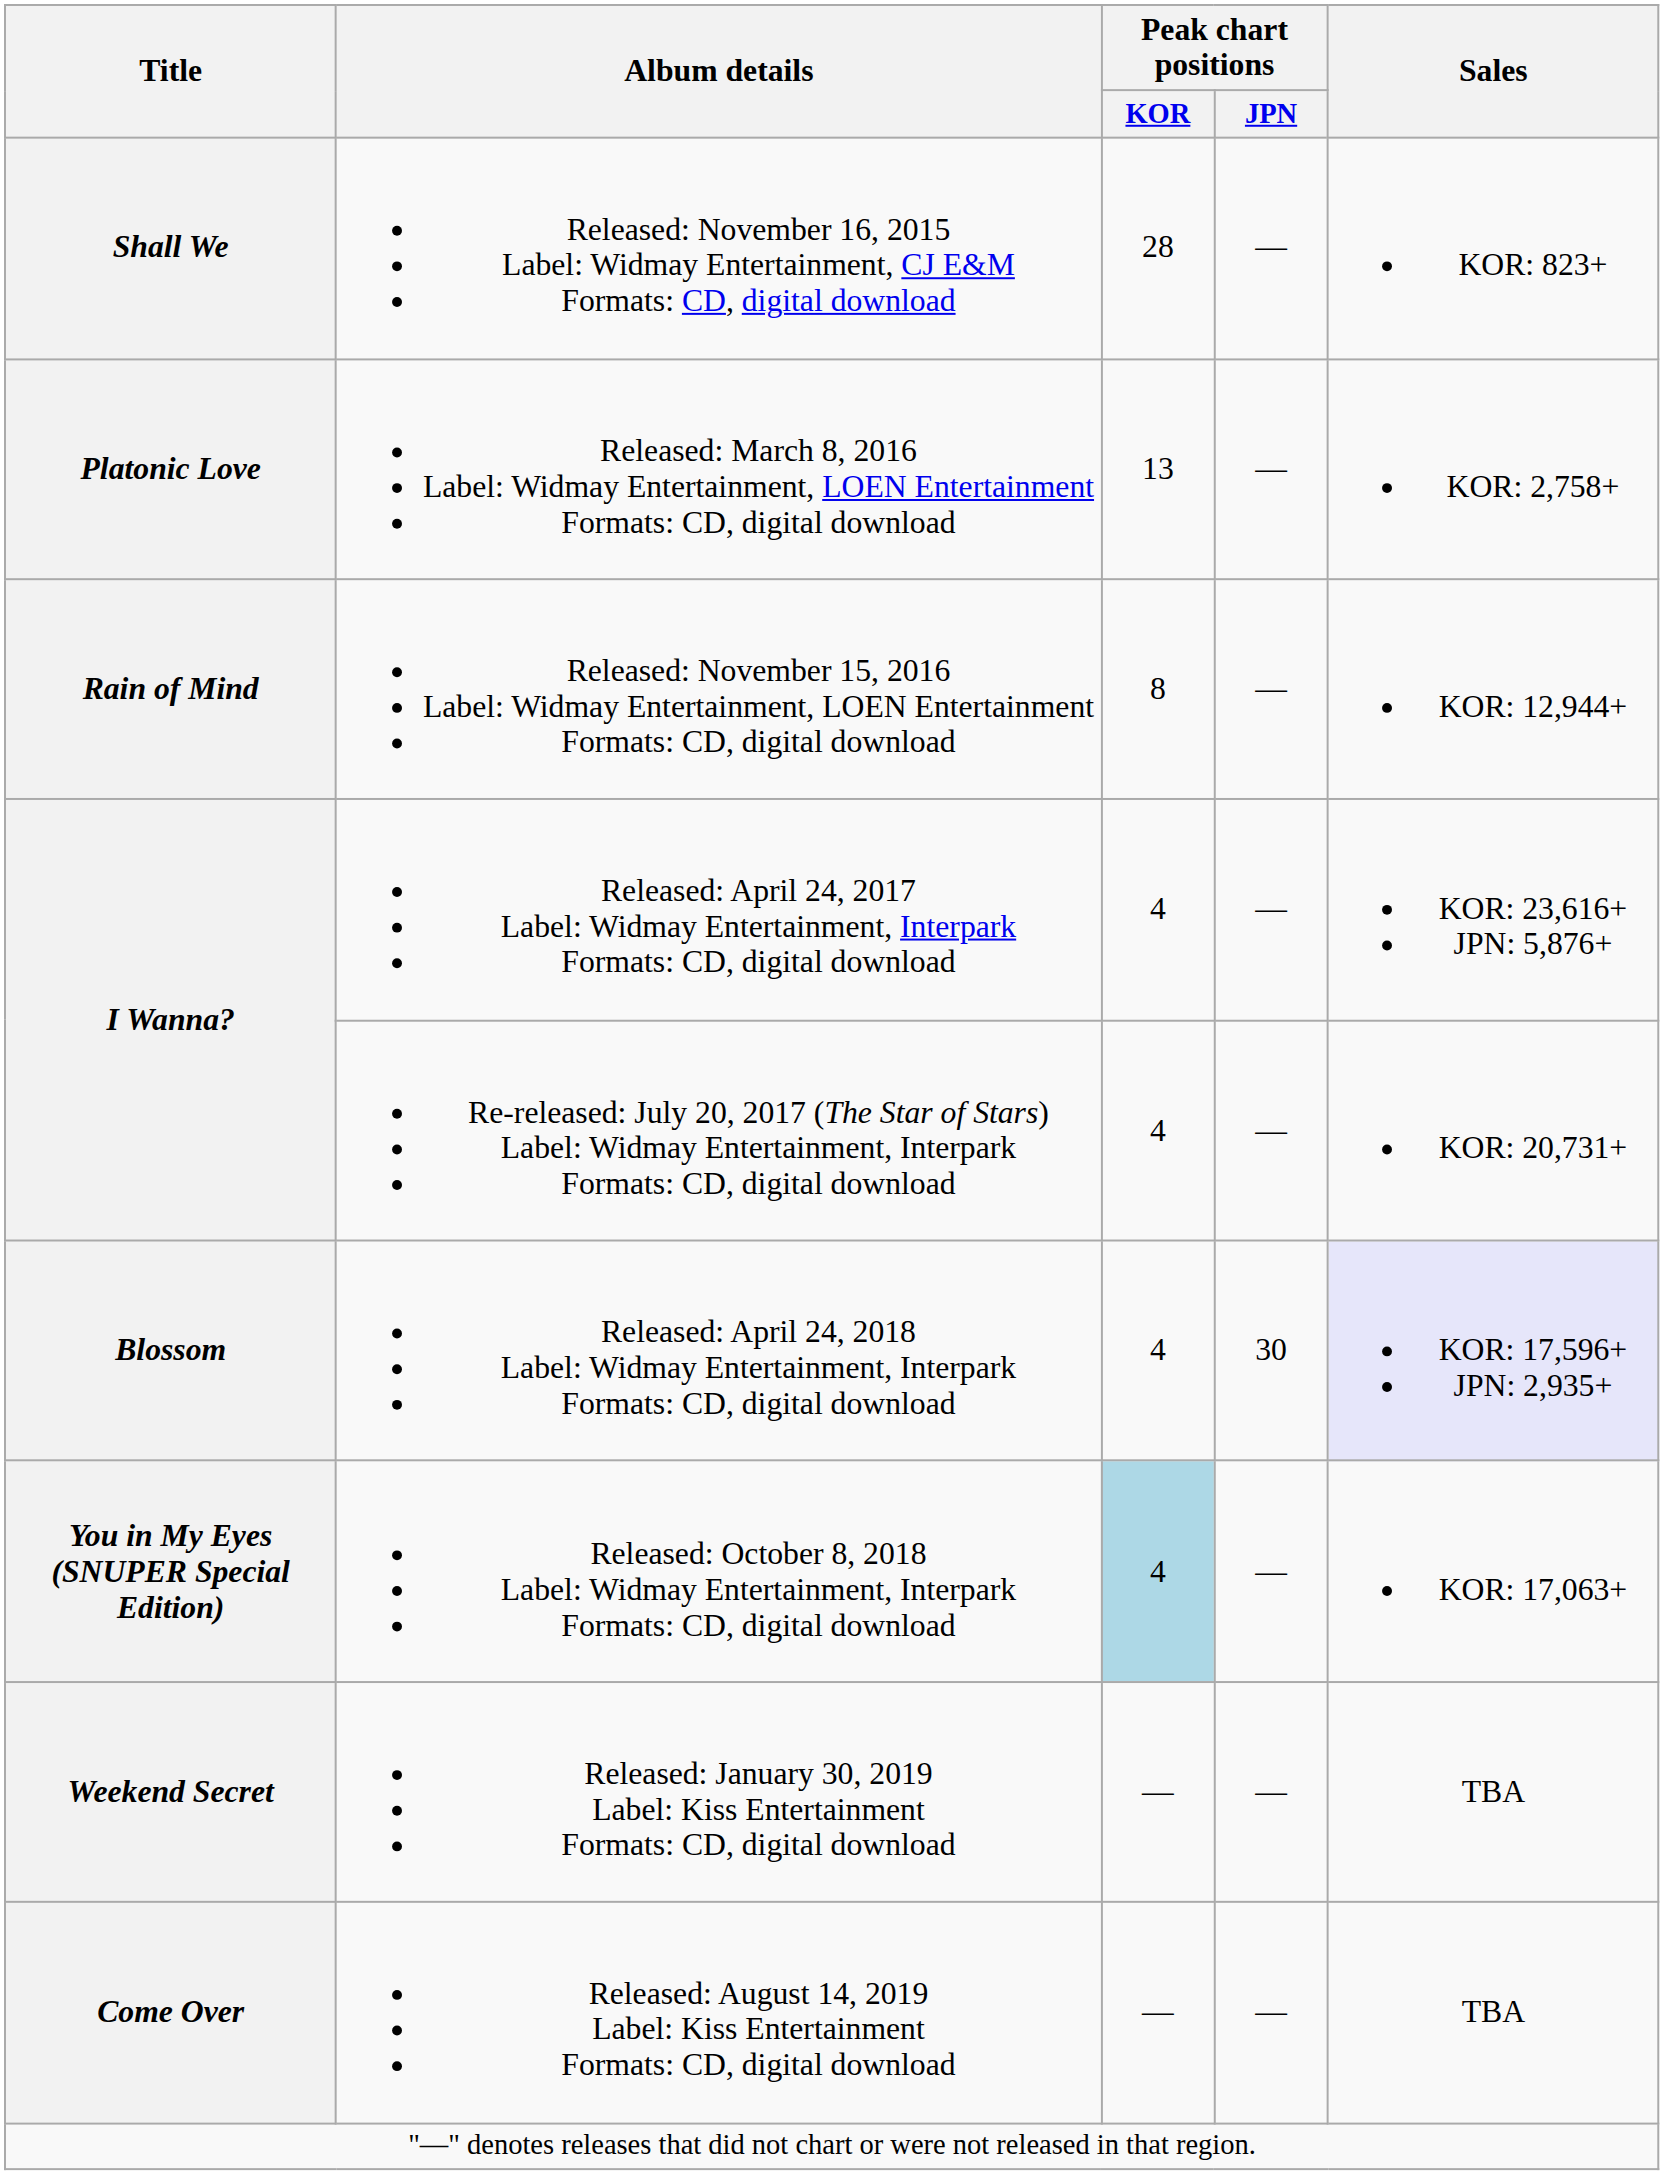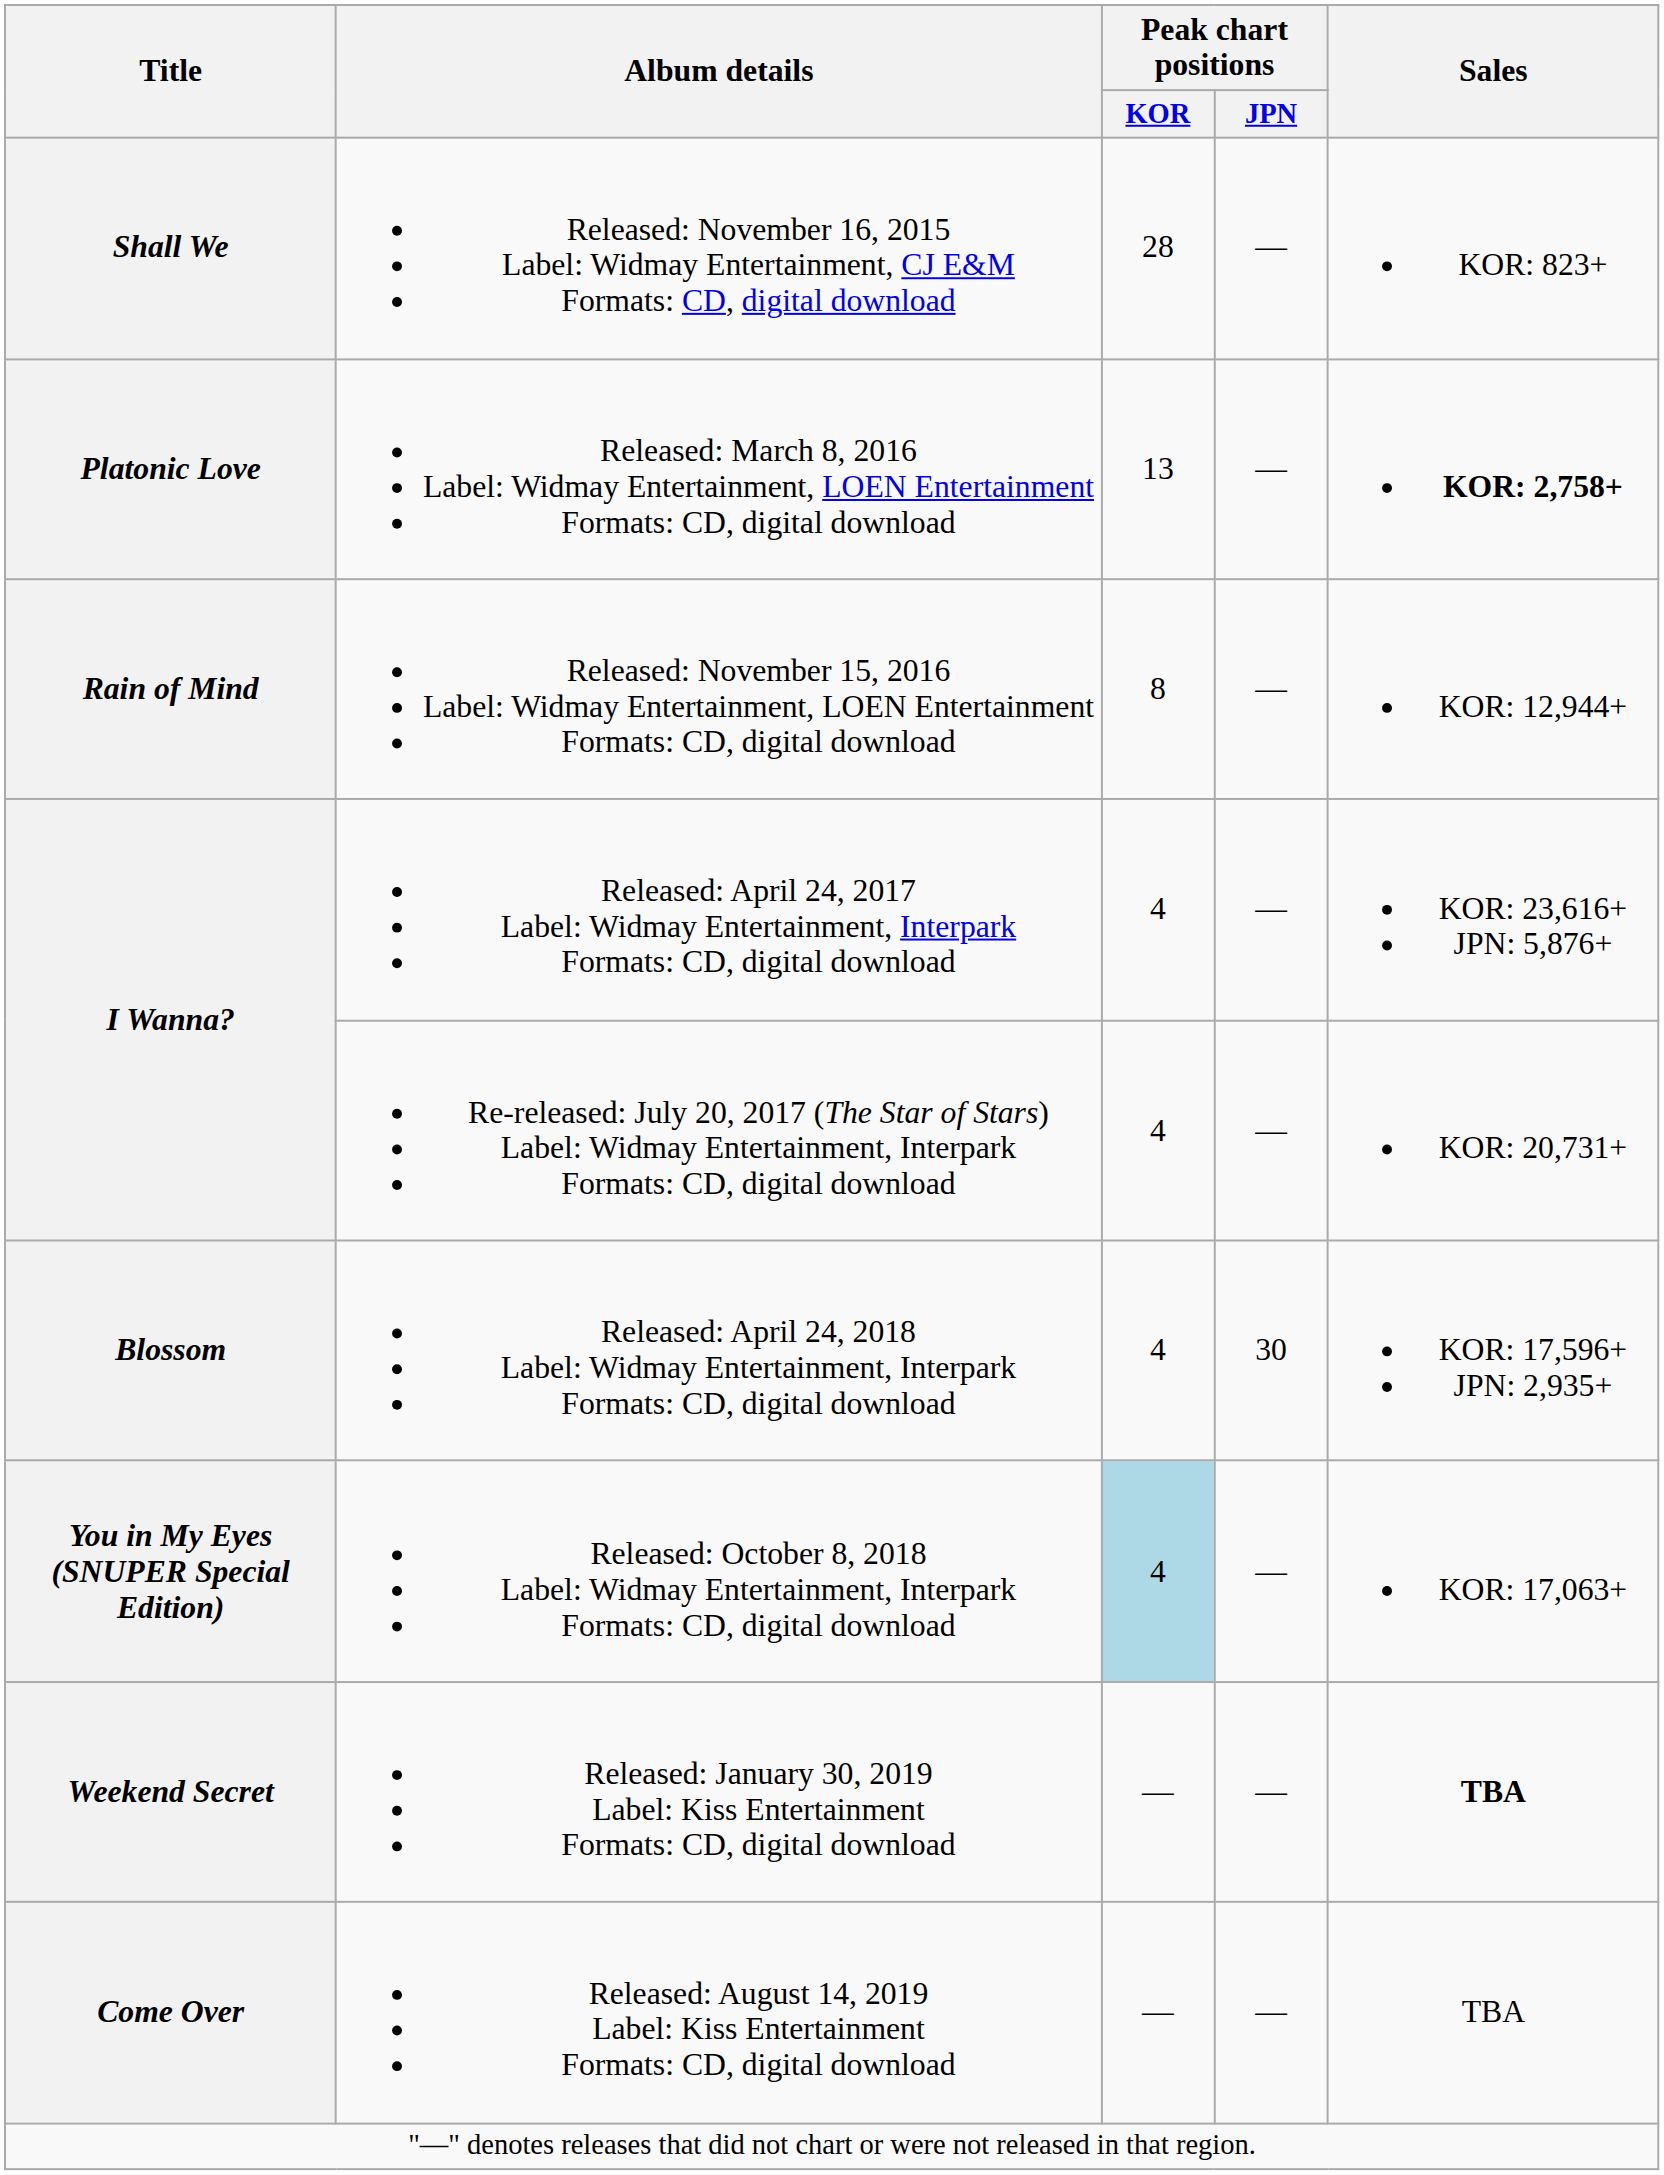 <table class="wikitable plainrowheaders" style="text-align:center;">
 <tr>
 <th scope="col" rowspan="2" style="width:10em;">Title</th>
 <th scope="col" rowspan="2">Album details</th>
 <th scope="col" colspan="2">Peak chart positions</th>
 <th scope="col" rowspan="2" style="width:10em;">Sales</th>
 </tr>
 <tr>
 <th scope="col" style="width:3.5em;font-size:90%;"><a href='#'>KOR</a><br></th>
 <th scope="col" style="width:3.5em;font-size:90%;"><a href='#'>JPN</a><br></th>
 </tr>
 <tr>
 <th scope="row"><em>Shall We</em></th>
 <td><br><ul><li>Released: November 16, 2015</li><li>Label: Widmay Entertainment, <a href='#'>CJ E&M</a></li><li>Formats: <a href='#'>CD</a>, <a href='#'>digital download</a></li></ul></td>
 <td>28</td>
 <td>—</td>
 <td><br><ul><li>KOR: 823+</li></ul></td>
 </tr>
 <tr>
 <th scope="row"><em>Platonic Love</em></th>
 <td><br><ul><li>Released: March 8, 2016</li><li>Label: Widmay Entertainment, <a href='#'>LOEN Entertainment</a></li><li>Formats: CD, digital download</li></ul></td>
 <td>13</td>
 <td>—</td>
-<td><br><ul><li>KOR: 2,758+</li></ul></td>
+<td><strong><br><ul><li>KOR: 2,758+</li></ul></strong></td>
 </tr>
 <tr>
 <th scope="row"><em>Rain of Mind</em></th>
 <td><br><ul><li>Released: November 15, 2016</li><li>Label: Widmay Entertainment, LOEN Entertainment</li><li>Formats: CD, digital download</li></ul></td>
 <td>8</td>
 <td>—</td>
 <td><br><ul><li>KOR: 12,944+</li></ul></td>
 </tr>
 <tr>
 <th scope="row" rowspan="2"><em>I Wanna?</em></th>
 <td><br><ul><li>Released: April 24, 2017</li><li>Label: Widmay Entertainment, <a href='#'>Interpark</a></li><li>Formats: CD, digital download</li></ul></td>
 <td>4</td>
 <td>—</td>
 <td><br><ul><li>KOR: 23,616+</li><li>JPN: 5,876+</li></ul></td>
 </tr>
 <tr>
 <td><br><ul><li>Re-released: July 20, 2017 (<em>The Star of Stars</em>)</li><li>Label: Widmay Entertainment, Interpark</li><li>Formats: CD, digital download</li></ul></td>
 <td>4</td>
 <td>—</td>
 <td><br><ul><li>KOR: 20,731+</li></ul></td>
 </tr>
 <tr>
 <th scope="row"><em>Blossom</em></th>
 <td><br><ul><li>Released: April 24, 2018</li><li>Label: Widmay Entertainment, Interpark</li><li>Formats: CD, digital download</li></ul></td>
 <td>4</td>
 <td>30</td>
-<td style="background: lavender;"><br><ul><li>KOR: 17,596+</li><li>JPN: 2,935+</li></ul></td>
+<td><br><ul><li>KOR: 17,596+</li><li>JPN: 2,935+</li></ul></td>
 </tr>
 <tr>
 <th scope="row"><em>You in My Eyes (SNUPER Special Edition)</em></th>
 <td><br><ul><li>Released: October 8, 2018</li><li>Label: Widmay Entertainment, Interpark</li><li>Formats: CD, digital download</li></ul></td>
 <td style="background: lightblue;">4</td>
 <td>—</td>
 <td><br><ul><li>KOR: 17,063+</li></ul></td>
 </tr>
 <tr>
 <th scope="row"><em>Weekend Secret</em></th>
 <td><br><ul><li>Released: January 30, 2019</li><li>Label: Kiss Entertainment</li><li>Formats: CD, digital download</li></ul></td>
 <td>—</td>
 <td>—</td>
-<td>TBA</td>
+<td><strong>TBA</strong></td>
 </tr>
 <tr>
 <th scope="row"><em>Come Over</em></th>
 <td><br><ul><li>Released: August 14, 2019</li><li>Label: Kiss Entertainment</li><li>Formats: CD, digital download</li></ul></td>
 <td>—</td>
 <td>—</td>
 <td>TBA</td>
 </tr>
 <tr>
 <td colspan="8" style="font-size:90%">"—" denotes releases that did not chart or were not released in that region.</td>
 </tr>
 </table>
